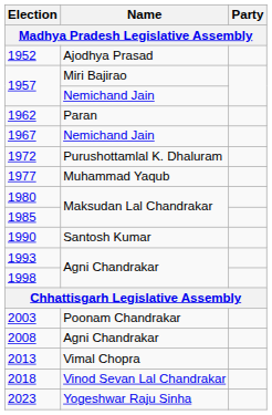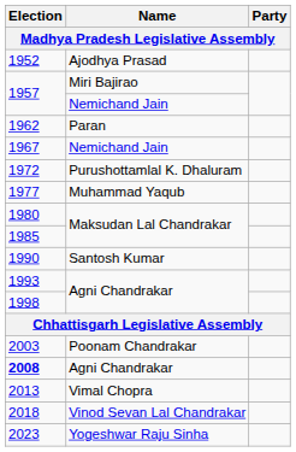 <table class="wikitable sortable">
 <tr>
 <th>Election</th>
 <th>Name</th>
 <th colspan=2>Party</th>
 </tr>
 <tr>
 <th colspan=4><a href='#'>Madhya Pradesh Legislative Assembly</a></th>
 </tr>
 <tr>
 <td><a href='#'>1952</a></td>
 <td>Ajodhya Prasad</td>
 <td></td>
 </tr>
 <tr>
 <td rowspan="2"><a href='#'>1957</a></td>
 <td>Miri Bajirao</td>
 </tr>
 <tr>
 <td><a href='#'>Nemichand Jain</a></td>
 </tr>
 <tr>
 <td><a href='#'>1962</a></td>
 <td>Paran</td>
 <td></td>
 </tr>
 <tr>
 <td><a href='#'>1967</a></td>
 <td><a href='#'>Nemichand Jain</a></td>
 <td></td>
 </tr>
 <tr>
 <td><a href='#'>1972</a></td>
 <td>Purushottamlal K. Dhaluram</td>
 <td></td>
 </tr>
 <tr>
 <td><a href='#'>1977</a></td>
 <td>Muhammad Yaqub</td>
 <td></td>
 </tr>
 <tr>
 <td><a href='#'>1980</a></td>
 <td rowspan="2">Maksudan Lal Chandrakar</td>
 <td></td>
 </tr>
 <tr>
 <td><a href='#'>1985</a></td>
 <td></td>
 </tr>
 <tr>
 <td><a href='#'>1990</a></td>
 <td>Santosh Kumar</td>
 <td></td>
 </tr>
 <tr>
 <td><a href='#'>1993</a></td>
 <td rowspan="2">Agni Chandrakar</td>
 <td></td>
 </tr>
 <tr>
 <td><a href='#'>1998</a></td>
 </tr>
 <tr>
 <th colspan=4><a href='#'>Chhattisgarh Legislative Assembly</a></th>
 </tr>
 <tr>
 <td><a href='#'>2003</a></td>
 <td>Poonam Chandrakar</td>
 <td></td>
 </tr>
 <tr>
-<td><a href='#'>2008</a></td>
+<td><strong><a href='#'>2008</a></strong></td>
 <td>Agni Chandrakar</td>
 <td></td>
 </tr>
 <tr>
 <td><a href='#'>2013</a></td>
 <td>Vimal Chopra</td>
 <td></td>
 </tr>
 <tr>
 <td><a href='#'>2018</a></td>
 <td><a href='#'>Vinod Sevan Lal Chandrakar</a></td>
 <td></td>
 </tr>
 <tr>
 <td><a href='#'>2023</a></td>
 <td><a href='#'>Yogeshwar Raju Sinha</a></td>
 <td></td>
 </tr>
 </table>
